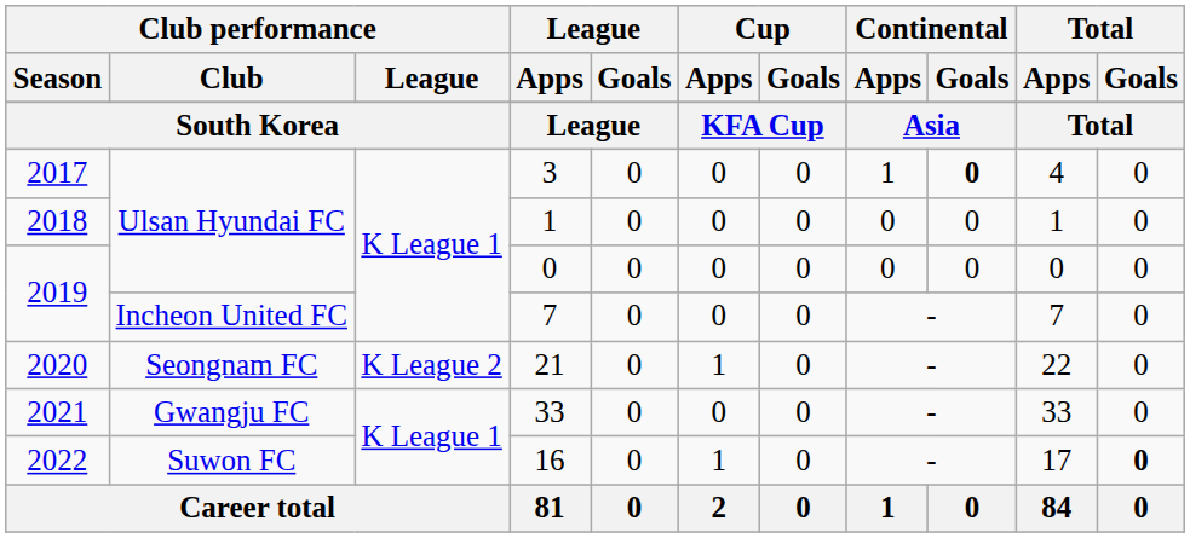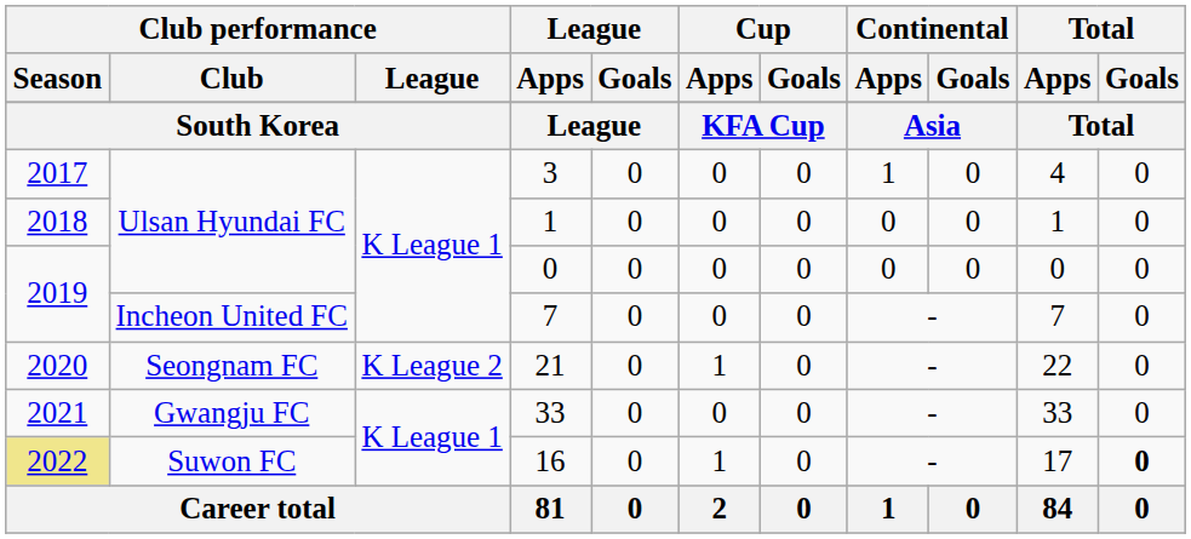 <table class="wikitable" style="text-align:center">
 <tr>
 <th colspan=3>Club performance</th>
 <th colspan=2>League</th>
 <th colspan=2>Cup</th>
 <th colspan=2>Continental</th>
 <th colspan=2>Total</th>
 </tr>
 <tr>
 <th>Season</th>
 <th>Club</th>
 <th>League</th>
 <th>Apps</th>
 <th>Goals</th>
 <th>Apps</th>
 <th>Goals</th>
 <th>Apps</th>
 <th>Goals</th>
 <th>Apps</th>
 <th>Goals</th>
 </tr>
 <tr>
 </tr>
 <tr>
 <th colspan=3>South Korea</th>
 <th colspan=2>League</th>
 <th colspan=2><a href='#'>KFA Cup</a></th>
 <th colspan=2><a href='#'>Asia</a></th>
 <th colspan=2>Total</th>
 </tr>
 <tr>
 <td><a href='#'>2017</a></td>
 <td rowspan="3"><a href='#'>Ulsan Hyundai FC</a></td>
 <td rowspan="4"><a href='#'>K League 1</a></td>
 <td>3</td>
 <td>0</td>
 <td>0</td>
 <td>0</td>
 <td>1</td>
-<td><strong>0</strong></td>
+<td>0</td>
 <td>4</td>
 <td>0</td>
 </tr>
 <tr>
 <td><a href='#'>2018</a></td>
 <td>1</td>
 <td>0</td>
 <td>0</td>
 <td>0</td>
 <td>0</td>
 <td>0</td>
 <td>1</td>
 <td>0</td>
 </tr>
 <tr>
 <td rowspan="2"><a href='#'>2019</a></td>
 <td>0</td>
 <td>0</td>
 <td>0</td>
 <td>0</td>
 <td>0</td>
 <td>0</td>
 <td>0</td>
 <td>0</td>
 </tr>
 <tr>
 <td rowspan="1"><a href='#'>Incheon United FC</a></td>
 <td>7</td>
 <td>0</td>
 <td>0</td>
 <td>0</td>
 <td colspan="2">-</td>
 <td>7</td>
 <td>0</td>
 </tr>
 <tr>
 <td><a href='#'>2020</a></td>
 <td><a href='#'>Seongnam FC</a></td>
 <td><a href='#'>K League 2</a></td>
 <td>21</td>
 <td>0</td>
 <td>1</td>
 <td>0</td>
 <td colspan="2">-</td>
 <td>22</td>
 <td>0</td>
 </tr>
 <tr>
 <td><a href='#'>2021</a></td>
 <td><a href='#'>Gwangju FC</a></td>
 <td rowspan="2"><a href='#'>K League 1</a></td>
 <td>33</td>
 <td>0</td>
 <td>0</td>
 <td>0</td>
 <td colspan="2">-</td>
 <td>33</td>
 <td>0</td>
 </tr>
 <tr>
-<td><a href='#'>2022</a></td>
+<td style="background: khaki;"><a href='#'>2022</a></td>
 <td><a href='#'>Suwon FC</a></td>
 <td>16</td>
 <td>0</td>
 <td>1</td>
 <td>0</td>
 <td colspan="2">-</td>
 <td>17</td>
 <td><strong>0</strong></td>
 </tr>
 <tr>
 <th colspan=3>Career total</th>
 <th>81</th>
 <th>0</th>
 <th>2</th>
 <th>0</th>
 <th>1</th>
 <th>0</th>
 <th>84</th>
 <th>0</th>
 </tr>
 </table>
